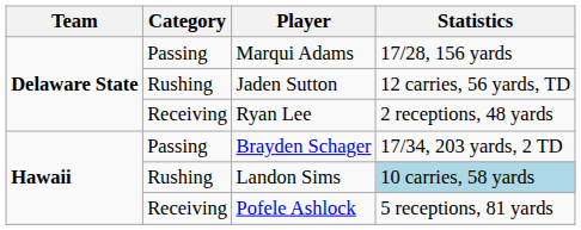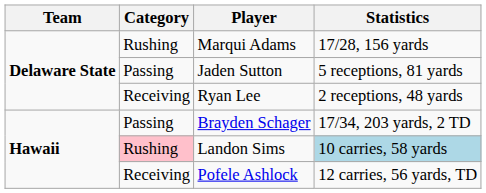 <table class="wikitable" style="float: right;">
 <tr>
 <th>Team</th>
 <th>Category</th>
 <th>Player</th>
 <th>Statistics</th>
 </tr>
 <tr>
 <td rowspan=3><strong>Delaware State</strong></td>
-<td>Passing</td>
+<td>Rushing</td>
 <td>Marqui Adams</td>
 <td>17/28, 156 yards</td>
 </tr>
 <tr>
-<td>Rushing</td>
+<td>Passing</td>
 <td>Jaden Sutton</td>
-<td>12 carries, 56 yards, TD</td>
+<td>5 receptions, 81 yards</td>
 </tr>
 <tr>
 <td>Receiving</td>
 <td>Ryan Lee</td>
 <td>2 receptions, 48 yards</td>
 </tr>
 <tr>
 <td rowspan=3><strong>Hawaii</strong></td>
 <td>Passing</td>
 <td><a href='#'>Brayden Schager</a></td>
 <td>17/34, 203 yards, 2 TD</td>
 </tr>
 <tr>
-<td>Rushing</td>
+<td style="background: pink;">Rushing</td>
 <td>Landon Sims</td>
 <td style="background: lightblue;">10 carries, 58 yards</td>
 </tr>
 <tr>
 <td>Receiving</td>
 <td><a href='#'>Pofele Ashlock</a></td>
-<td>5 receptions, 81 yards</td>
+<td>12 carries, 56 yards, TD</td>
 </tr>
 </table>
